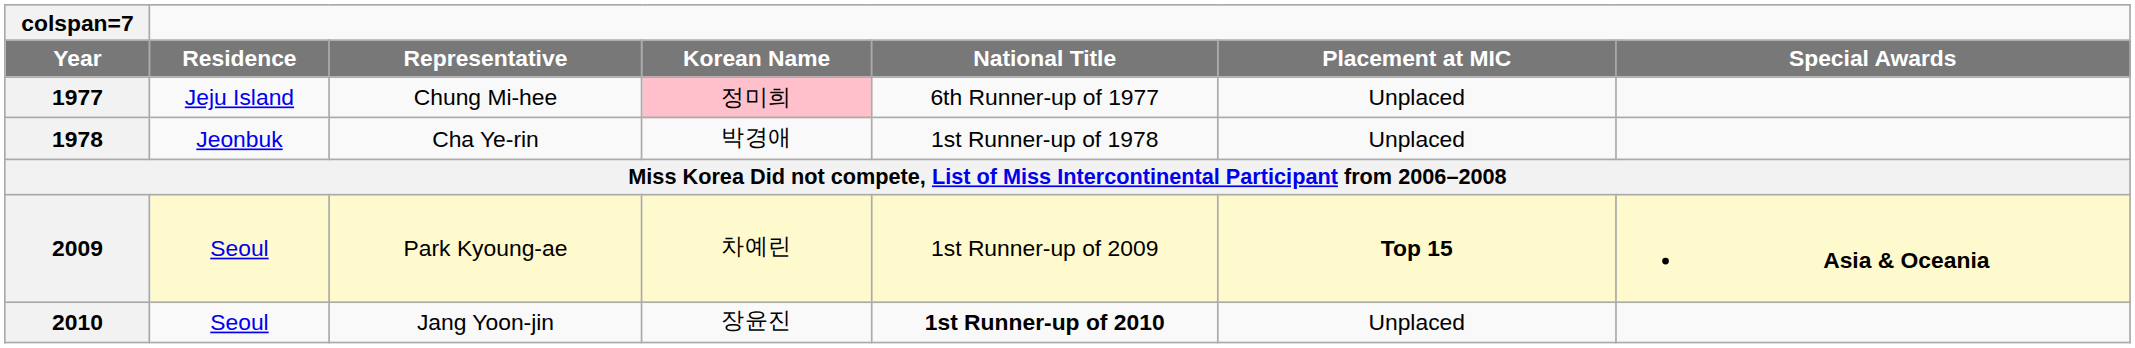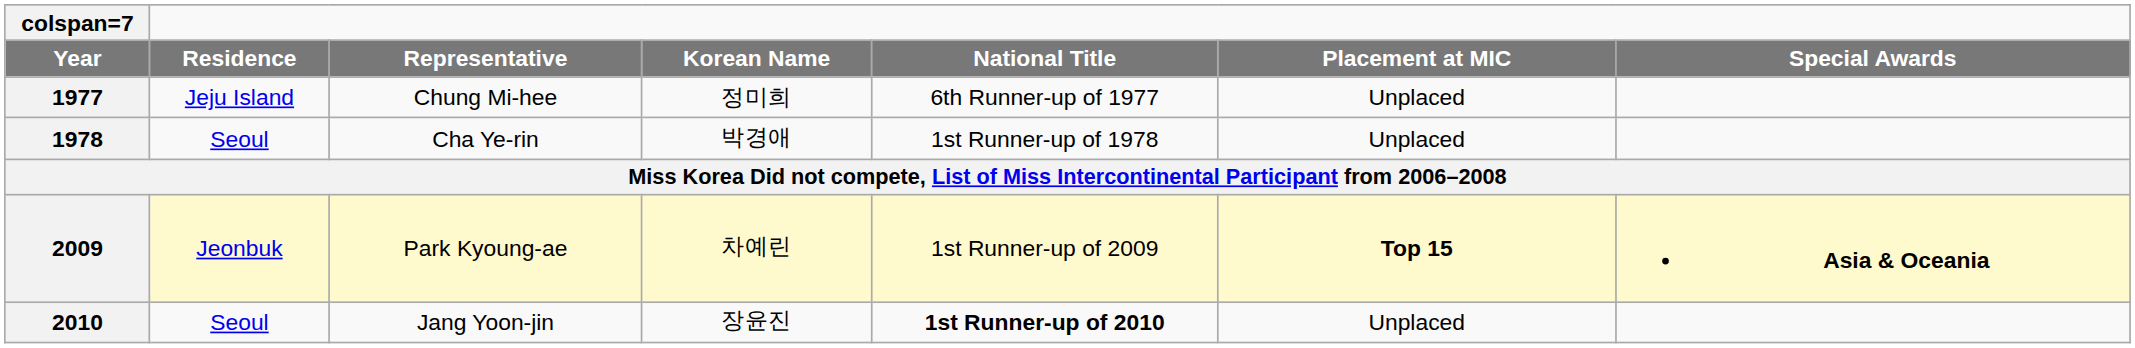 <table class="wikitable sortable" style="font-size: 85%; text-align:center">
 <tr>
 <th>colspan=7 </th>
 </tr>
 <tr>
 <th width="80" style="background-color:#787878;color:#FFFFFF;">Year</th>
 <th width="100" style="background-color:#787878;color:#FFFFFF;">Residence</th>
 <th width="180" style="background-color:#787878;color:#FFFFFF;">Representative</th>
 <th width="130" style="background-color:#787878;color:#FFFFFF;">Korean Name</th>
 <th width="200" style="background-color:#787878;color:#FFFFFF;">National Title</th>
 <th width="230" style="background-color:#787878;color:#FFFFFF;">Placement at MIC</th>
 <th width="300" style="background-color:#787878;color:#FFFFFF;">Special Awards</th>
 </tr>
 <tr>
 <th>1977</th>
 <td><a href='#'>Jeju Island</a></td>
 <td>Chung Mi-hee</td>
-<td style="background: pink;">정미희</td>
+<td>정미희</td>
 <td>6th Runner-up of 1977</td>
 <td>Unplaced</td>
 <td></td>
 </tr>
 <tr>
 <th>1978</th>
-<td><a href='#'>Jeonbuk</a></td>
+<td><a href='#'>Seoul</a></td>
 <td>Cha Ye-rin</td>
 <td>박경애</td>
 <td>1st Runner-up of 1978</td>
 <td>Unplaced</td>
 <td></td>
 </tr>
 <tr>
 <th colspan=8 style="font-size:95%;">Miss Korea Did not compete, <a href='#'>List of Miss Intercontinental Participant</a> from 2006–2008</th>
 </tr>
 <tr style="background-color:#FFFACD; ">
 <th>2009</th>
-<td><a href='#'>Seoul</a></td>
+<td><a href='#'>Jeonbuk</a></td>
 <td>Park Kyoung-ae</td>
 <td>차예린</td>
 <td>1st Runner-up of 2009</td>
 <td><strong>Top 15</strong></td>
 <td><br><ul><li><strong>Asia & Oceania</strong></li></ul></td>
 </tr>
 <tr>
 <th>2010</th>
 <td><a href='#'>Seoul</a></td>
 <td>Jang Yoon-jin</td>
 <td>장윤진</td>
 <td><strong>1st Runner-up of 2010</strong></td>
 <td>Unplaced</td>
 <td></td>
 </tr>
 </table>
